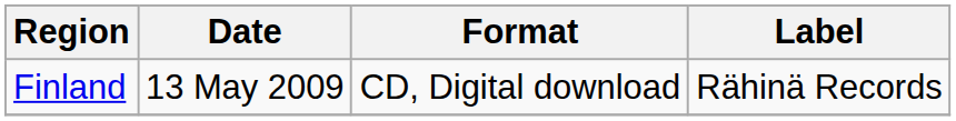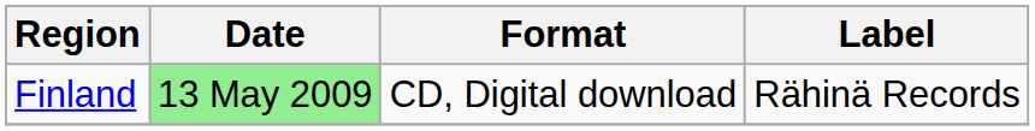 <table class=wikitable>
 <tr>
 <th>Region</th>
 <th>Date</th>
 <th>Format</th>
 <th>Label</th>
 </tr>
 <tr>
 <td><a href='#'>Finland</a></td>
-<td>13 May 2009</td>
+<td style="background: lightgreen;">13 May 2009</td>
 <td>CD, Digital download</td>
 <td>Rähinä Records</td>
 </tr>
 <tr>
 </tr>
 </table>
